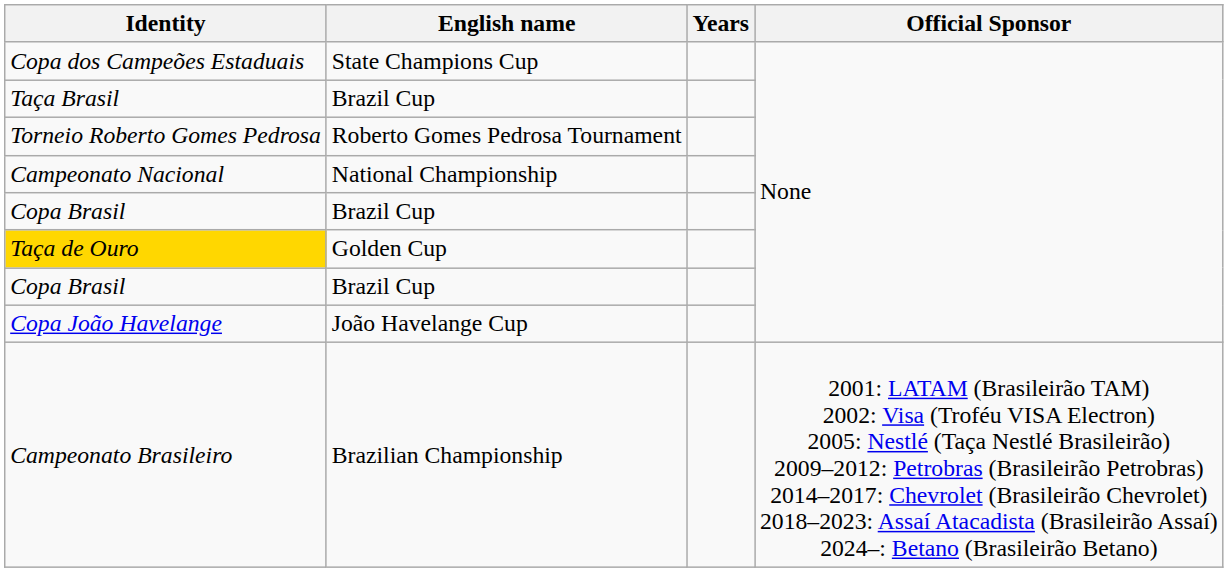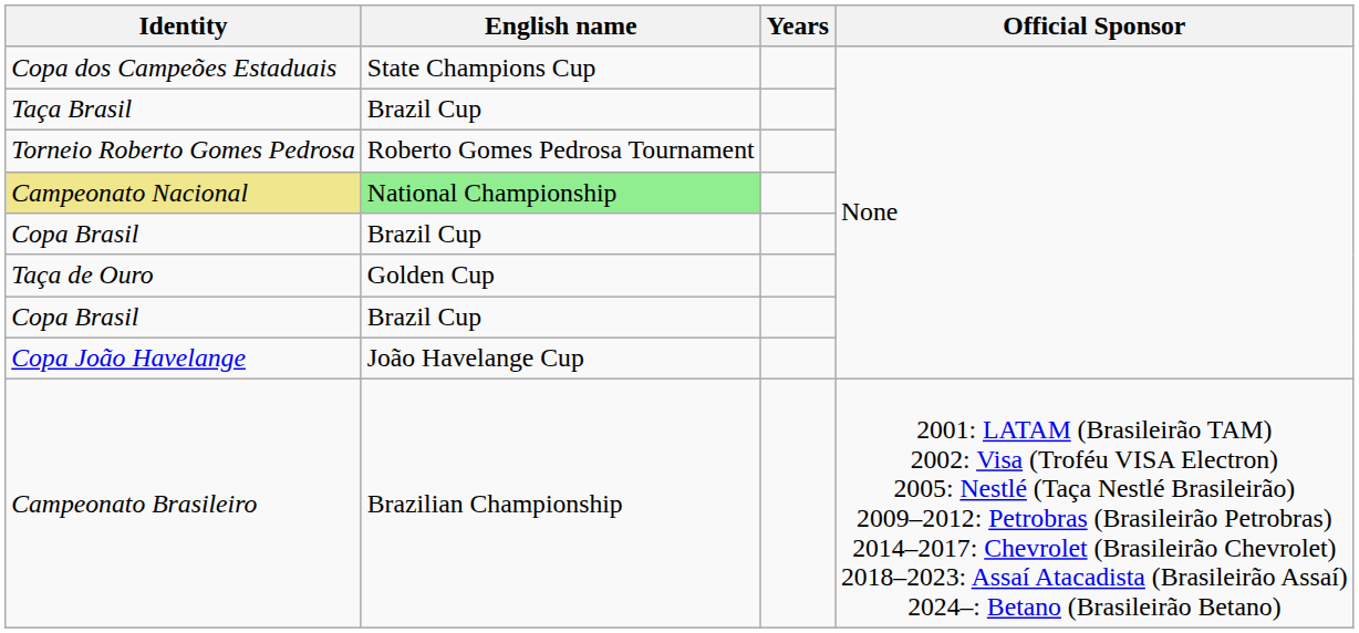 <table class="wikitable">
 <tr>
 <th>Identity</th>
 <th>English name</th>
 <th>Years</th>
 <th>Official Sponsor</th>
 </tr>
 <tr>
 <td><em>Copa dos Campeões Estaduais</em></td>
 <td>State Champions Cup</td>
 <td></td>
 <td rowspan="8">None</td>
 </tr>
 <tr>
 <td><em>Taça Brasil</em></td>
 <td>Brazil Cup</td>
 <td></td>
 </tr>
 <tr>
 <td><em>Torneio Roberto Gomes Pedrosa</em></td>
 <td>Roberto Gomes Pedrosa Tournament</td>
 <td></td>
 </tr>
 <tr>
-<td><em>Campeonato Nacional</em></td>
-<td>National Championship</td>
+<td style="background: khaki;"><em>Campeonato Nacional</em></td>
+<td style="background: lightgreen;">National Championship</td>
 <td></td>
 </tr>
 <tr>
 <td><em>Copa Brasil</em></td>
 <td>Brazil Cup</td>
 <td></td>
 </tr>
 <tr>
-<td style="background: gold;"><em>Taça de Ouro</em></td>
+<td><em>Taça de Ouro</em></td>
 <td>Golden Cup</td>
 <td></td>
 </tr>
 <tr>
 <td><em>Copa Brasil</em></td>
 <td>Brazil Cup</td>
 <td></td>
 </tr>
 <tr>
 <td><em><a href='#'>Copa João Havelange</a></em></td>
 <td>João Havelange Cup</td>
 <td></td>
 </tr>
 <tr>
 <td><em>Campeonato Brasileiro</em></td>
 <td>Brazilian Championship</td>
 <td></td>
 <td style="text-align:center"><br>2001: <a href='#'>LATAM</a> (Brasileirão TAM)<br> 2002: <a href='#'>Visa</a> (Troféu VISA Electron)<br> 2005: <a href='#'>Nestlé</a> (Taça Nestlé Brasileirão)<br> 2009–2012: <a href='#'>Petrobras</a> (Brasileirão Petrobras)<br> 2014–2017: <a href='#'>Chevrolet</a> (Brasileirão Chevrolet)<br> 2018–2023: <a href='#'>Assaí Atacadista</a> (Brasileirão Assaí)<br> 2024–: <a href='#'>Betano</a> (Brasileirão Betano)</td>
 </tr>
 </table>
